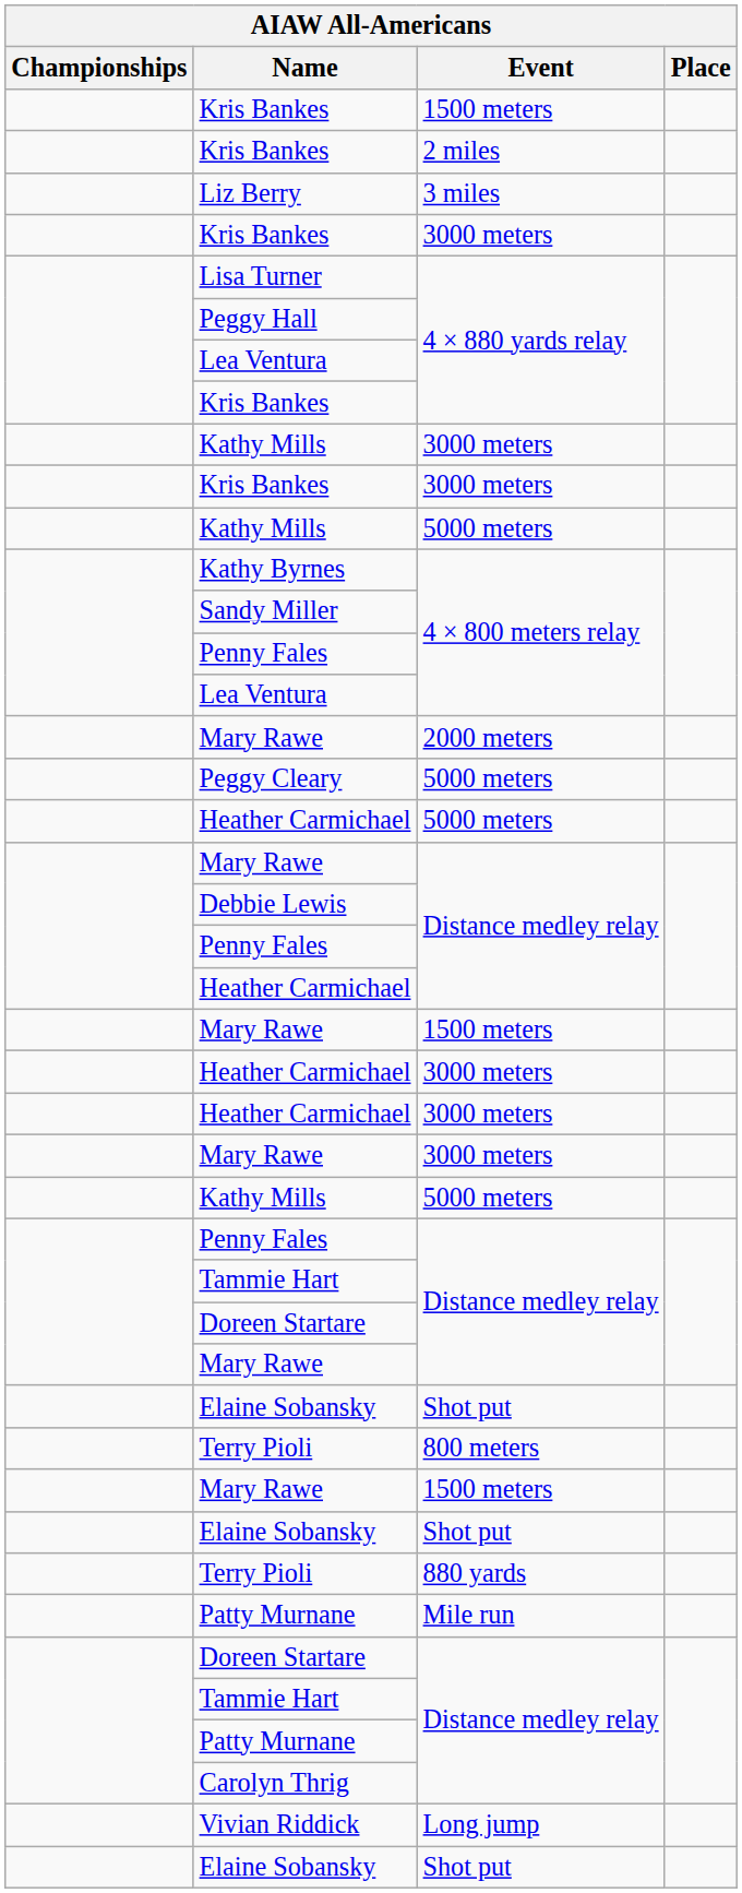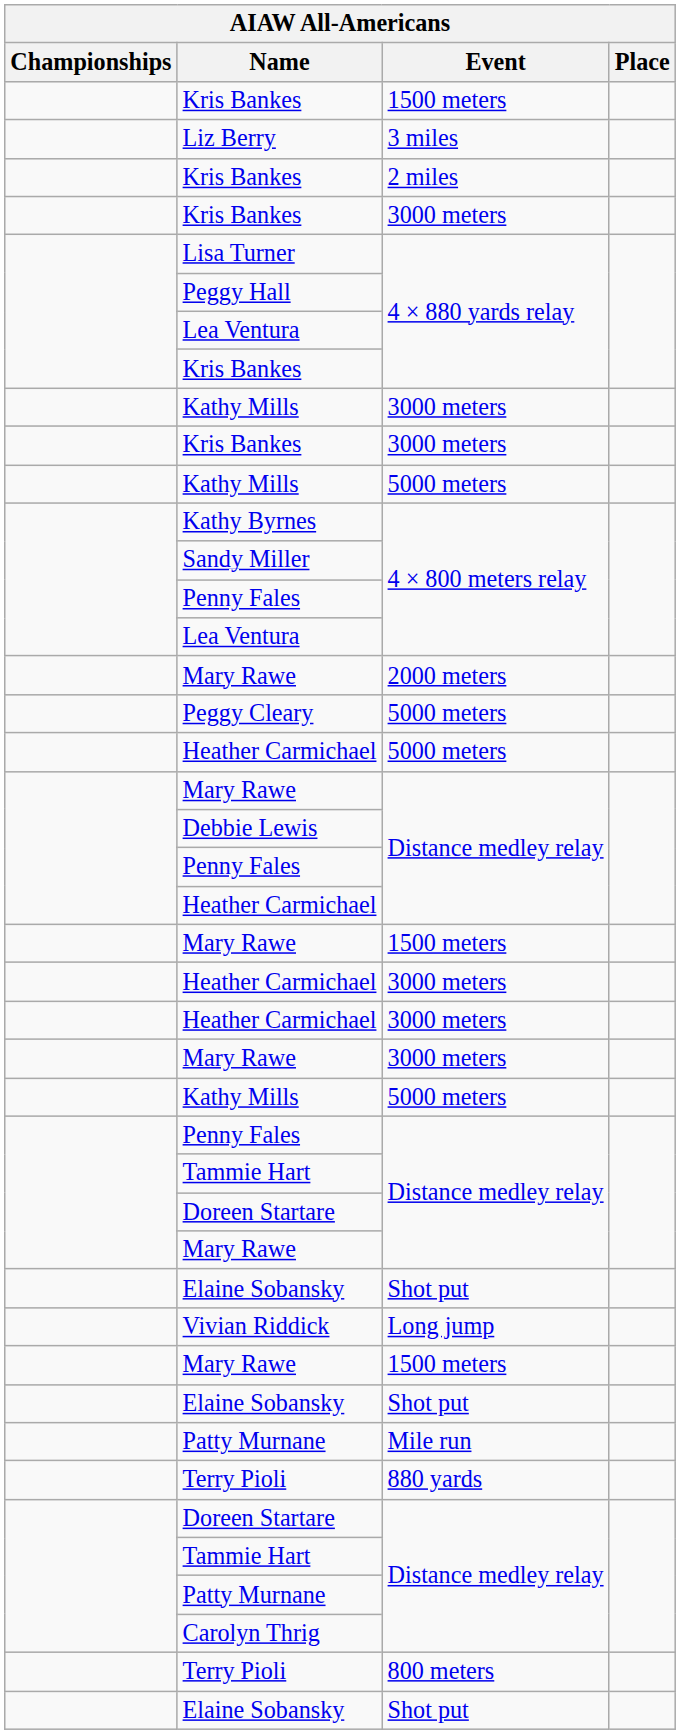 <table class="wikitable sortable">
 <tr>
 <th colspan="4">AIAW All-Americans</th>
 </tr>
 <tr>
 <th scope="col">Championships</th>
 <th scope="col">Name</th>
 <th scope="col">Event</th>
 <th scope="col">Place</th>
 </tr>
 <tr>
 <td></td>
 <td><a href='#'>Kris Bankes</a></td>
 <td><a href='#'>1500 meters</a></td>
 <td></td>
 </tr>
 <tr>
 <td></td>
-<td><a href='#'>Kris Bankes</a></td>
-<td><a href='#'>2 miles</a></td>
+<td><a href='#'>Liz Berry</a></td>
+<td><a href='#'>3 miles</a></td>
 <td></td>
 </tr>
 <tr>
 <td></td>
-<td><a href='#'>Liz Berry</a></td>
-<td><a href='#'>3 miles</a></td>
+<td><a href='#'>Kris Bankes</a></td>
+<td><a href='#'>2 miles</a></td>
 <td></td>
 </tr>
 <tr>
 <td></td>
 <td><a href='#'>Kris Bankes</a></td>
 <td><a href='#'>3000 meters</a></td>
 <td></td>
 </tr>
 <tr>
 <td rowspan=4></td>
 <td><a href='#'>Lisa Turner</a></td>
 <td rowspan=4><a href='#'>4 × 880 yards relay</a></td>
 <td rowspan=4></td>
 </tr>
 <tr>
 <td><a href='#'>Peggy Hall</a></td>
 </tr>
 <tr>
 <td><a href='#'>Lea Ventura</a></td>
 </tr>
 <tr>
 <td><a href='#'>Kris Bankes</a></td>
 </tr>
 <tr>
 <td></td>
 <td><a href='#'>Kathy Mills</a></td>
 <td><a href='#'>3000 meters</a></td>
 <td></td>
 </tr>
 <tr>
 <td></td>
 <td><a href='#'>Kris Bankes</a></td>
 <td><a href='#'>3000 meters</a></td>
 <td></td>
 </tr>
 <tr>
 <td></td>
 <td><a href='#'>Kathy Mills</a></td>
 <td><a href='#'>5000 meters</a></td>
 <td></td>
 </tr>
 <tr>
 <td rowspan=4></td>
 <td><a href='#'>Kathy Byrnes</a></td>
 <td rowspan=4><a href='#'>4 × 800 meters relay</a></td>
 <td rowspan=4></td>
 </tr>
 <tr>
 <td><a href='#'>Sandy Miller</a></td>
 </tr>
 <tr>
 <td><a href='#'>Penny Fales</a></td>
 </tr>
 <tr>
 <td><a href='#'>Lea Ventura</a></td>
 </tr>
 <tr>
 <td></td>
 <td><a href='#'>Mary Rawe</a></td>
 <td><a href='#'>2000 meters</a></td>
 <td></td>
 </tr>
 <tr>
 <td></td>
 <td><a href='#'>Peggy Cleary</a></td>
 <td><a href='#'>5000 meters</a></td>
 <td></td>
 </tr>
 <tr>
 <td></td>
 <td><a href='#'>Heather Carmichael</a></td>
 <td><a href='#'>5000 meters</a></td>
 <td></td>
 </tr>
 <tr>
 <td rowspan=4></td>
 <td><a href='#'>Mary Rawe</a></td>
 <td rowspan=4><a href='#'>Distance medley relay</a></td>
 <td rowspan=4></td>
 </tr>
 <tr>
 <td><a href='#'>Debbie Lewis</a></td>
 </tr>
 <tr>
 <td><a href='#'>Penny Fales</a></td>
 </tr>
 <tr>
 <td><a href='#'>Heather Carmichael</a></td>
 </tr>
 <tr>
 <td></td>
 <td><a href='#'>Mary Rawe</a></td>
 <td><a href='#'>1500 meters</a></td>
 <td></td>
 </tr>
 <tr>
 <td></td>
 <td><a href='#'>Heather Carmichael</a></td>
 <td><a href='#'>3000 meters</a></td>
 <td></td>
 </tr>
 <tr>
 <td></td>
 <td><a href='#'>Heather Carmichael</a></td>
 <td><a href='#'>3000 meters</a></td>
 <td></td>
 </tr>
 <tr>
 <td></td>
 <td><a href='#'>Mary Rawe</a></td>
 <td><a href='#'>3000 meters</a></td>
 <td></td>
 </tr>
 <tr>
 <td></td>
 <td><a href='#'>Kathy Mills</a></td>
 <td><a href='#'>5000 meters</a></td>
 <td></td>
 </tr>
 <tr>
 <td rowspan=4></td>
 <td><a href='#'>Penny Fales</a></td>
 <td rowspan=4><a href='#'>Distance medley relay</a></td>
 <td rowspan=4></td>
 </tr>
 <tr>
 <td><a href='#'>Tammie Hart</a></td>
 </tr>
 <tr>
 <td><a href='#'>Doreen Startare</a></td>
 </tr>
 <tr>
 <td><a href='#'>Mary Rawe</a></td>
 </tr>
 <tr>
 <td></td>
 <td><a href='#'>Elaine Sobansky</a></td>
 <td><a href='#'>Shot put</a></td>
 <td></td>
 </tr>
 <tr>
 <td></td>
-<td><a href='#'>Terry Pioli</a></td>
-<td><a href='#'>800 meters</a></td>
+<td><a href='#'>Vivian Riddick</a></td>
+<td><a href='#'>Long jump</a></td>
 <td></td>
 </tr>
 <tr>
 <td></td>
 <td><a href='#'>Mary Rawe</a></td>
 <td><a href='#'>1500 meters</a></td>
 <td></td>
 </tr>
 <tr>
 <td></td>
 <td><a href='#'>Elaine Sobansky</a></td>
 <td><a href='#'>Shot put</a></td>
 <td></td>
 </tr>
 <tr>
 <td></td>
-<td><a href='#'>Terry Pioli</a></td>
-<td><a href='#'>880 yards</a></td>
+<td><a href='#'>Patty Murnane</a></td>
+<td><a href='#'>Mile run</a></td>
 <td></td>
 </tr>
 <tr>
 <td></td>
-<td><a href='#'>Patty Murnane</a></td>
-<td><a href='#'>Mile run</a></td>
+<td><a href='#'>Terry Pioli</a></td>
+<td><a href='#'>880 yards</a></td>
 <td></td>
 </tr>
 <tr>
 <td rowspan=4></td>
 <td><a href='#'>Doreen Startare</a></td>
 <td rowspan=4><a href='#'>Distance medley relay</a></td>
 <td rowspan=4></td>
 </tr>
 <tr>
 <td><a href='#'>Tammie Hart</a></td>
 </tr>
 <tr>
 <td><a href='#'>Patty Murnane</a></td>
 </tr>
 <tr>
 <td><a href='#'>Carolyn Thrig</a></td>
 </tr>
 <tr>
 <td></td>
-<td><a href='#'>Vivian Riddick</a></td>
-<td><a href='#'>Long jump</a></td>
+<td><a href='#'>Terry Pioli</a></td>
+<td><a href='#'>800 meters</a></td>
 <td></td>
 </tr>
 <tr>
 <td></td>
 <td><a href='#'>Elaine Sobansky</a></td>
 <td><a href='#'>Shot put</a></td>
 <td></td>
 </tr>
 </table>
